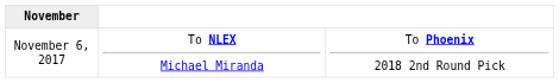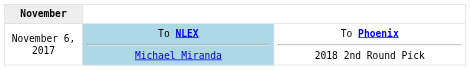 <table border=1 style="border-collapse:collapse; text-align: center; width: 100%" bordercolor="#DFDFDF"  cellpadding="5">
 <tr bgcolor="eeeeee">
 <th>November</th>
 </tr>
 <tr>
 <td style="width:12%">November 6, 2017</td>
-<td style="width:29.3%" valign="top">To <strong><a href='#'>NLEX</a></strong><hr><a href='#'>Michael Miranda</a></td>
+<td style="background: lightblue; width:29.3%" valign="top">To <strong><a href='#'>NLEX</a></strong><hr><a href='#'>Michael Miranda</a></td>
 <td style="width:29.3%" valign="top">To <strong><a href='#'>Phoenix</a></strong><hr>2018 2nd Round Pick </td>
 </tr>
 </table>
